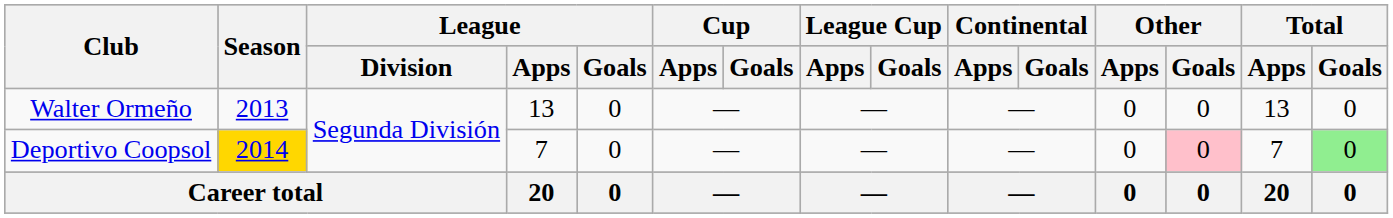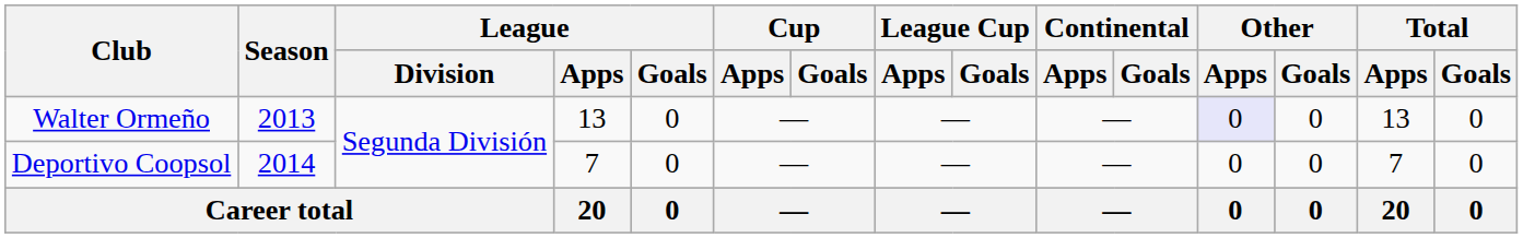 <table class="wikitable" style="text-align:center">
 <tr>
 <th rowspan="2">Club</th>
 <th rowspan="2">Season</th>
 <th colspan="3">League</th>
 <th colspan="2">Cup</th>
 <th colspan="2">League Cup</th>
 <th colspan="2">Continental</th>
 <th colspan="2">Other</th>
 <th colspan="2">Total</th>
 </tr>
 <tr>
 <th>Division</th>
 <th>Apps</th>
 <th>Goals</th>
 <th>Apps</th>
 <th>Goals</th>
 <th>Apps</th>
 <th>Goals</th>
 <th>Apps</th>
 <th>Goals</th>
 <th>Apps</th>
 <th>Goals</th>
 <th>Apps</th>
 <th>Goals</th>
 </tr>
 <tr>
 <td rowspan="1"><a href='#'>Walter Ormeño</a></td>
 <td><a href='#'>2013</a></td>
 <td rowspan="2"><a href='#'>Segunda División</a></td>
 <td>13</td>
 <td>0</td>
 <td colspan="2">—</td>
 <td colspan="2">—</td>
 <td colspan="2">—</td>
-<td>0</td>
+<td style="background: lavender;">0</td>
 <td>0</td>
 <td>13</td>
 <td>0</td>
 </tr>
 <tr>
 <td rowspan="1"><a href='#'>Deportivo Coopsol</a></td>
-<td style="background: gold;"><a href='#'>2014</a></td>
+<td><a href='#'>2014</a></td>
 <td>7</td>
 <td>0</td>
 <td colspan="2">—</td>
 <td colspan="2">—</td>
 <td colspan="2">—</td>
 <td>0</td>
-<td style="background: pink;">0</td>
+<td>0</td>
 <td>7</td>
-<td style="background: lightgreen;">0</td>
+<td>0</td>
 </tr>
 <tr>
 <th colspan="3">Career total</th>
 <th>20</th>
 <th>0</th>
 <th colspan="2">—</th>
 <th colspan="2">—</th>
 <th colspan="2">—</th>
 <th>0</th>
 <th>0</th>
 <th>20</th>
 <th>0</th>
 </tr>
 </table>
